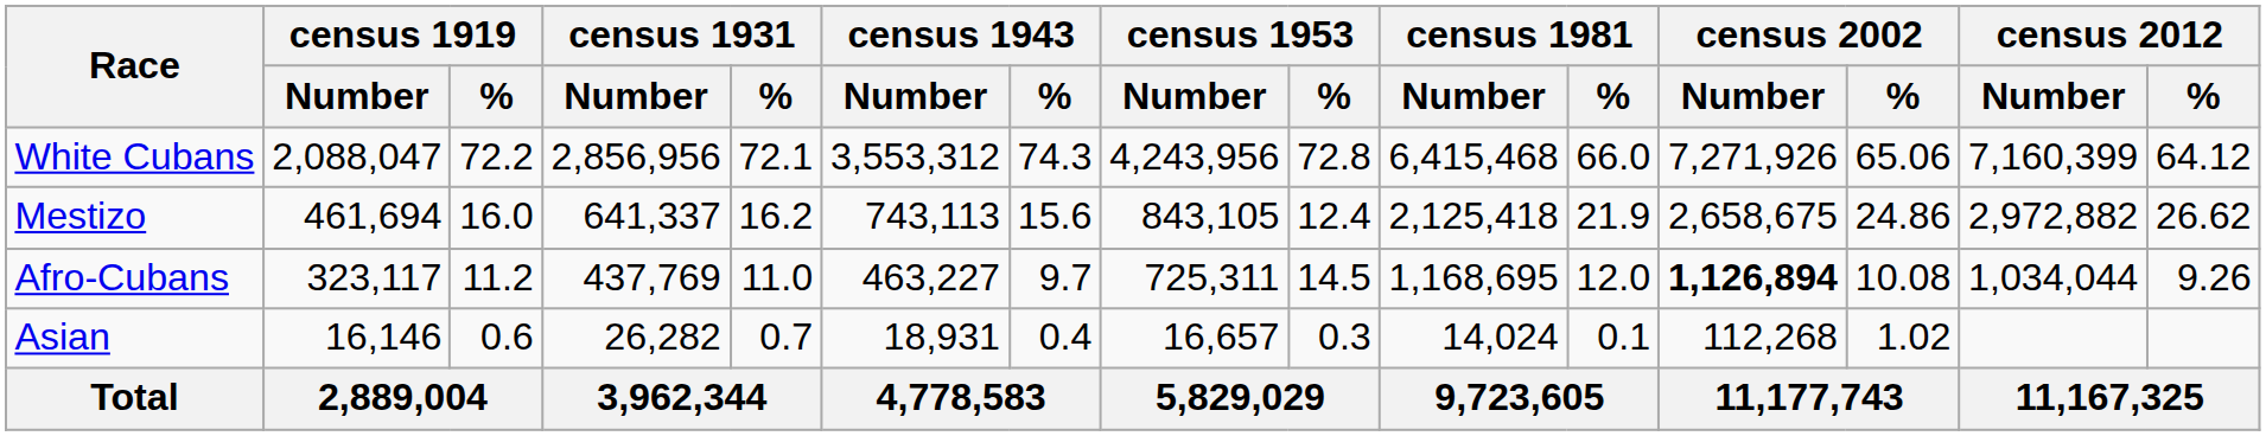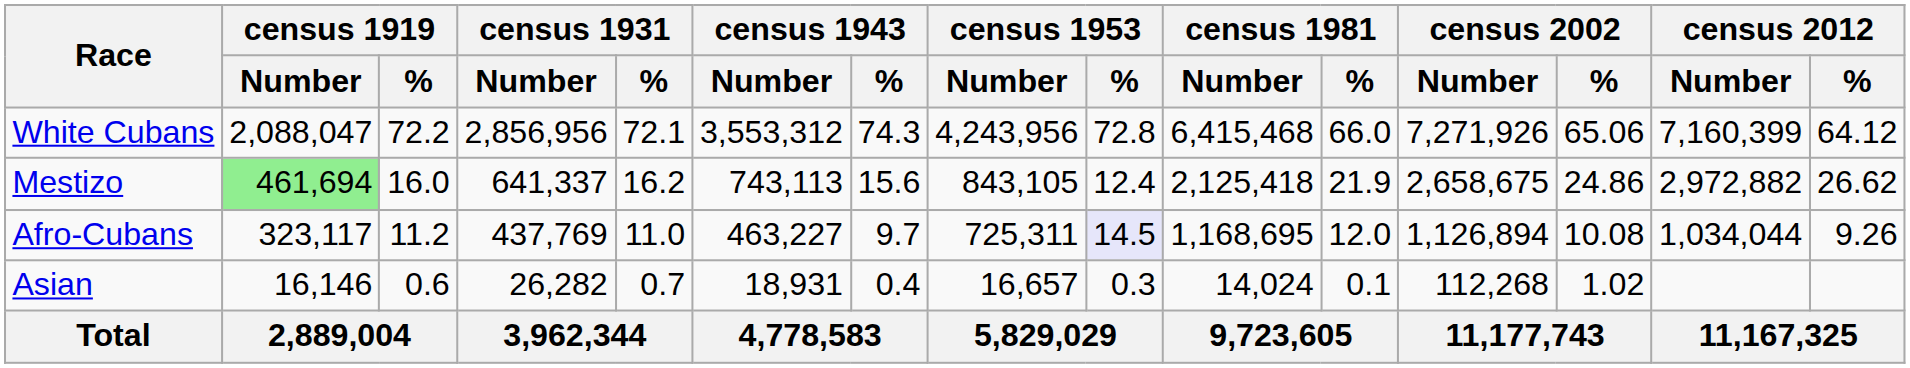 <table class="wikitable">
 <tr>
 <th rowspan="2">Race</th>
 <th colspan="2">census 1919</th>
 <th colspan="2">census 1931</th>
 <th colspan="2">census 1943</th>
 <th colspan="2">census 1953</th>
 <th colspan="2">census 1981</th>
 <th colspan="2">census 2002</th>
 <th colspan="2">census 2012</th>
 </tr>
 <tr>
 <th>Number</th>
 <th>%</th>
 <th>Number</th>
 <th>%</th>
 <th>Number</th>
 <th>%</th>
 <th>Number</th>
 <th>%</th>
 <th>Number</th>
 <th>%</th>
 <th>Number</th>
 <th>%</th>
 <th>Number</th>
 <th>%</th>
 </tr>
 <tr>
 <td><a href='#'>White Cubans</a></td>
 <td align="right">2,088,047</td>
 <td align="right">72.2</td>
 <td align="right">2,856,956</td>
 <td align="right">72.1</td>
 <td align="right">3,553,312</td>
 <td align="right">74.3</td>
 <td align="right">4,243,956</td>
 <td align="right">72.8</td>
 <td align="right">6,415,468</td>
 <td align="right">66.0</td>
 <td align="right">7,271,926</td>
 <td align="right">65.06</td>
 <td align="right">7,160,399</td>
 <td align="right">64.12</td>
 </tr>
 <tr>
 <td><a href='#'>Mestizo</a></td>
-<td align="right">461,694</td>
+<td align="right" style="background: lightgreen;">461,694</td>
 <td align="right">16.0</td>
 <td align="right">641,337</td>
 <td align="right">16.2</td>
 <td align="right">743,113</td>
 <td align="right">15.6</td>
 <td align="right">843,105</td>
 <td align="right">12.4</td>
 <td align="right">2,125,418</td>
 <td align="right">21.9</td>
 <td align="right">2,658,675</td>
 <td align="right">24.86</td>
 <td align="right">2,972,882</td>
 <td align="right">26.62</td>
 </tr>
 <tr>
 <td><a href='#'>Afro-Cubans</a></td>
 <td align="right">323,117</td>
 <td align="right">11.2</td>
 <td align="right">437,769</td>
 <td align="right">11.0</td>
 <td align="right">463,227</td>
 <td align="right">9.7</td>
 <td align="right">725,311</td>
-<td align="right">14.5</td>
+<td align="right" style="background: lavender;">14.5</td>
 <td align="right">1,168,695</td>
 <td align="right">12.0</td>
-<td align="right"><strong>1,126,894</strong></td>
+<td align="right">1,126,894</td>
 <td align="right">10.08</td>
 <td align="right">1,034,044</td>
 <td align="right">9.26</td>
 </tr>
 <tr>
 <td><a href='#'>Asian</a></td>
 <td align="right">16,146</td>
 <td align="right">0.6</td>
 <td align="right">26,282</td>
 <td align="right">0.7</td>
 <td align="right">18,931</td>
 <td align="right">0.4</td>
 <td align="right">16,657</td>
 <td align="right">0.3</td>
 <td align="right">14,024</td>
 <td align="right">0.1</td>
 <td align="right">112,268</td>
 <td align="right">1.02</td>
 <td align="right"></td>
 <td align="right"></td>
 </tr>
 <tr>
 <th>Total</th>
 <th colspan="2">2,889,004</th>
 <th colspan="2">3,962,344</th>
 <th colspan="2">4,778,583</th>
 <th colspan="2">5,829,029</th>
 <th colspan="2">9,723,605</th>
 <th colspan="2">11,177,743</th>
 <th colspan="2">11,167,325</th>
 </tr>
 </table>
